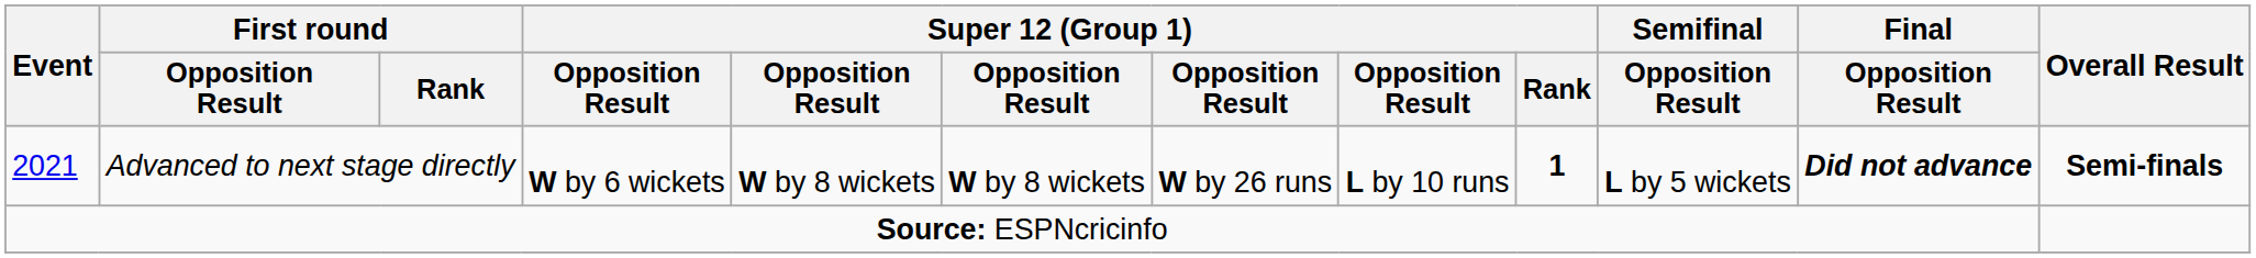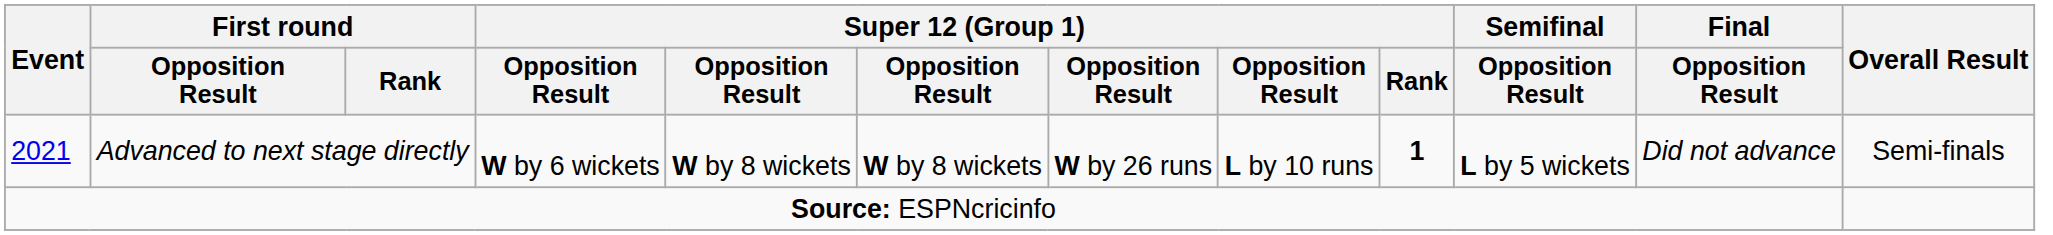 <table class=wikitable style=font-size:90%;text-align:center>
 <tr>
 <th rowspan=2>Event</th>
 <th colspan=2>First round</th>
 <th colspan=6>Super 12 (Group 1)</th>
 <th>Semifinal</th>
 <th>Final</th>
 <th rowspan=2>Overall Result</th>
 </tr>
 <tr style=font-size:95%>
 <th>Opposition<br>Result</th>
 <th>Rank</th>
 <th>Opposition<br>Result</th>
 <th>Opposition<br>Result</th>
 <th>Opposition<br>Result</th>
 <th>Opposition<br>Result</th>
 <th>Opposition<br>Result</th>
 <th>Rank</th>
 <th>Opposition<br>Result</th>
 <th>Opposition<br>Result</th>
 </tr>
 <tr>
 <td align=left><a href='#'>2021</a></td>
 <td colspan="2"><em>Advanced to next stage directly</em></td>
 <td><br><strong>W</strong> by 6 wickets</td>
 <td><br><strong>W</strong> by 8 wickets</td>
 <td><br><strong>W</strong> by 8 wickets</td>
 <td><br><strong>W</strong> by 26 runs</td>
 <td><br><strong>L</strong> by 10 runs</td>
 <td><strong>1</strong></td>
 <td><br><strong>L</strong> by 5 wickets</td>
-<td><strong><em>Did not advance</em></strong></td>
-<td><strong>Semi-finals</strong></td>
+<td><em>Did not advance</em></td>
+<td>Semi-finals</td>
 </tr>
 <tr>
 <td colspan="11"><strong>Source:</strong> ESPNcricinfo</td>
 </tr>
 </table>
